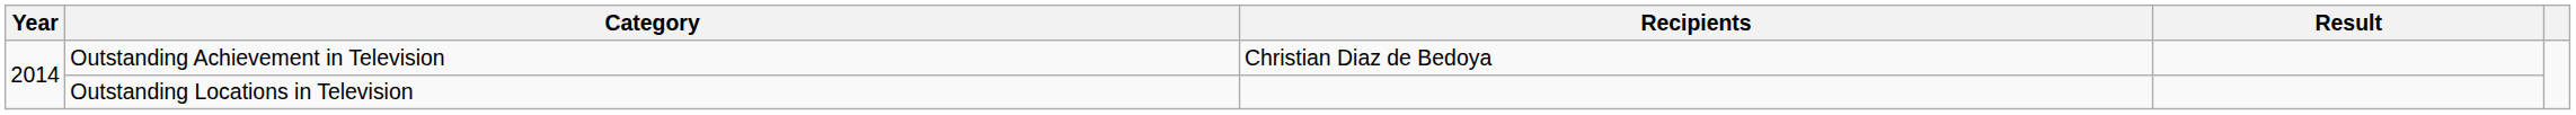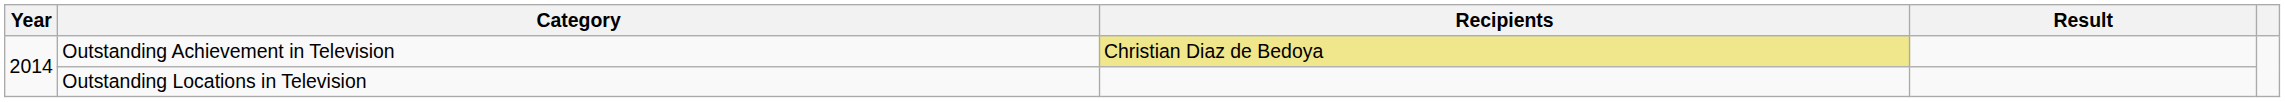 <table class="wikitable plainrowheaders" style="font-size: 90%" width=85%>
 <tr>
 <th scope="col" style="width:2%;">Year</th>
 <th scope="col" style="width:45%;">Category</th>
 <th scope="col" style="width:35%;">Recipients</th>
 <th scope="col" style="width:15%;">Result</th>
 <th scope="col" class="unsortable" style="width:1%;"></th>
 </tr>
 <tr>
 <td rowspan=2 style="text-align:center;">2014</td>
 <td>Outstanding Achievement in Television</td>
-<td>Christian Diaz de Bedoya</td>
+<td style="background: khaki;">Christian Diaz de Bedoya</td>
 <td></td>
 <td rowspan=2 style="text-align:center;"></td>
 </tr>
 <tr>
 <td>Outstanding Locations in Television</td>
 <td></td>
 <td></td>
 </tr>
 </table>
